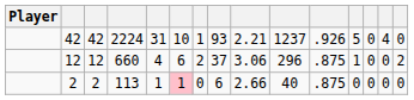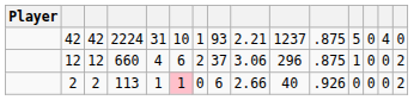 <table class="wikitable sortable" style="text-align:center;">
 <tr>
 <th>Player</th>
 <th></th>
 <th></th>
 <th></th>
 <th></th>
 <th></th>
 <th></th>
 <th></th>
 <th></th>
 <th></th>
 <th></th>
 <th></th>
 <th></th>
 <th></th>
 <th></th>
 </tr>
 <tr>
 <td></td>
 <td>42</td>
 <td>42</td>
 <td>2224</td>
 <td>31</td>
 <td>10</td>
 <td>1</td>
 <td>93</td>
 <td>2.21</td>
 <td>1237</td>
-<td>.926</td>
+<td>.875</td>
 <td>5</td>
 <td>0</td>
 <td>4</td>
 <td>0</td>
 </tr>
 <tr>
 <td></td>
 <td>12</td>
 <td>12</td>
 <td>660</td>
 <td>4</td>
 <td>6</td>
 <td>2</td>
 <td>37</td>
 <td>3.06</td>
 <td>296</td>
 <td>.875</td>
 <td>1</td>
 <td>0</td>
 <td>0</td>
 <td>2</td>
 </tr>
 <tr>
 <td></td>
 <td>2</td>
 <td>2</td>
 <td>113</td>
 <td>1</td>
 <td style="background: pink;">1</td>
 <td>0</td>
 <td>6</td>
 <td>2.66</td>
 <td>40</td>
-<td>.875</td>
+<td>.926</td>
 <td>0</td>
 <td>0</td>
 <td>0</td>
-<td>0</td>
+<td>2</td>
 </tr>
 </table>
